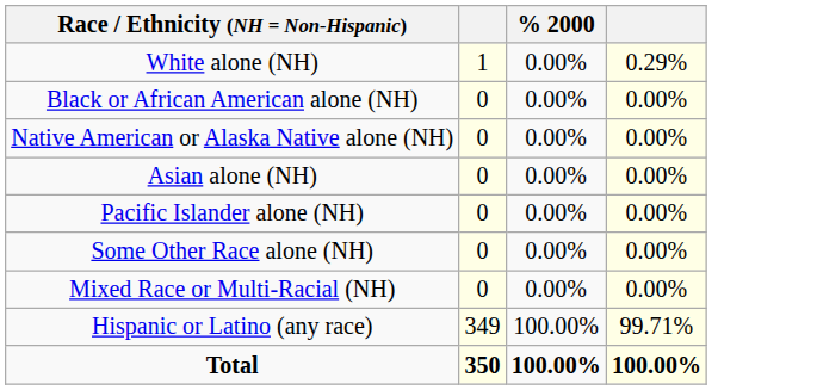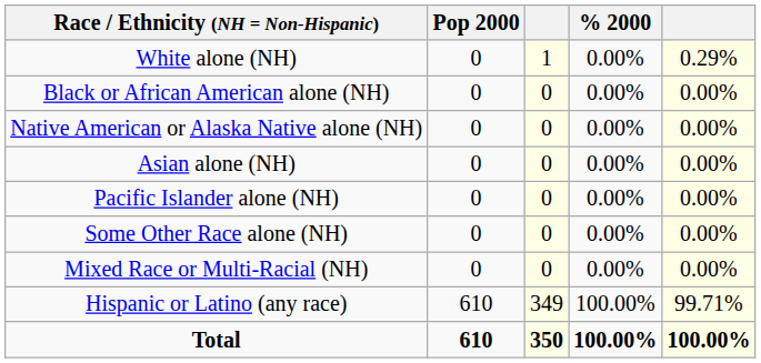 <table class="wikitable" style="text-align:center;">
 <tr>
 <th>Race / Ethnicity <small>(<em>NH = Non-Hispanic</em>)</small></th>
+<th>Pop 2000</th>
 <th></th>
 <th>% 2000</th>
 <th></th>
 </tr>
 <tr>
 <td><a href='#'>White</a> alone (NH)</td>
+<td>0</td>
 <td style='background: #ffffe6;'>1</td>
 <td>0.00%</td>
 <td style='background: #ffffe6;'>0.29%</td>
 </tr>
 <tr>
 <td><a href='#'>Black or African American</a> alone (NH)</td>
+<td>0</td>
 <td style='background: #ffffe6;'>0</td>
 <td>0.00%</td>
 <td style='background: #ffffe6;'>0.00%</td>
 </tr>
 <tr>
 <td><a href='#'>Native American</a> or <a href='#'>Alaska Native</a> alone (NH)</td>
+<td>0</td>
 <td style='background: #ffffe6;'>0</td>
 <td>0.00%</td>
 <td style='background: #ffffe6;'>0.00%</td>
 </tr>
 <tr>
 <td><a href='#'>Asian</a> alone (NH)</td>
+<td>0</td>
 <td style='background: #ffffe6;'>0</td>
 <td>0.00%</td>
 <td style='background: #ffffe6;'>0.00%</td>
 </tr>
 <tr>
 <td><a href='#'>Pacific Islander</a> alone (NH)</td>
+<td>0</td>
 <td style='background: #ffffe6;'>0</td>
 <td>0.00%</td>
 <td style='background: #ffffe6;'>0.00%</td>
 </tr>
 <tr>
 <td><a href='#'>Some Other Race</a> alone (NH)</td>
+<td>0</td>
 <td style='background: #ffffe6;'>0</td>
 <td>0.00%</td>
 <td style='background: #ffffe6;'>0.00%</td>
 </tr>
 <tr>
 <td><a href='#'>Mixed Race or Multi-Racial</a> (NH)</td>
+<td>0</td>
 <td style='background: #ffffe6;'>0</td>
 <td>0.00%</td>
 <td style='background: #ffffe6;'>0.00%</td>
 </tr>
 <tr>
 <td><a href='#'>Hispanic or Latino</a> (any race)</td>
+<td>610</td>
 <td style='background: #ffffe6;'>349</td>
 <td>100.00%</td>
 <td style='background: #ffffe6;'>99.71%</td>
 </tr>
 <tr>
 <td><strong>Total</strong></td>
+<td><strong>610</strong></td>
 <td style='background: #ffffe6;'><strong>350</strong></td>
 <td><strong>100.00%</strong></td>
 <td style='background: #ffffe6;'><strong>100.00%</strong></td>
 </tr>
 </table>
